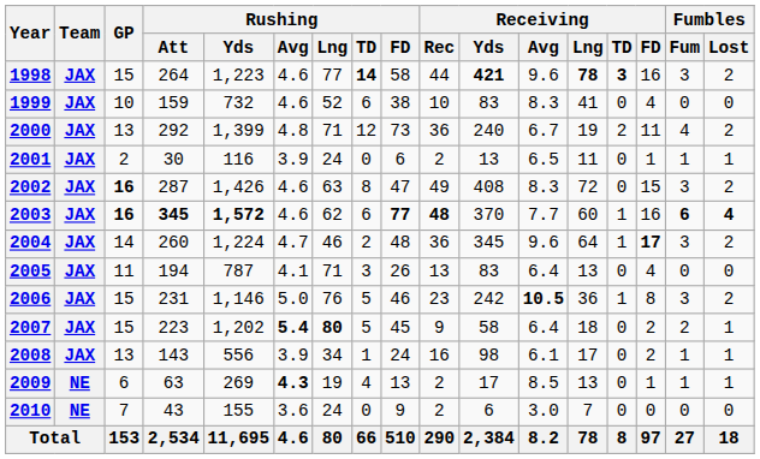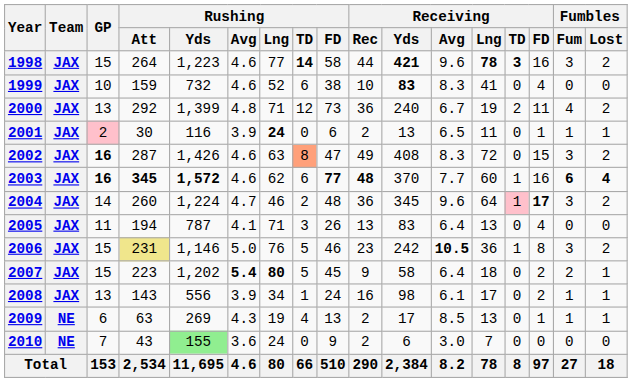 <table class=wikitable style="text-align:center;">
 <tr>
 <th rowspan="2">Year</th>
 <th rowspan="2">Team</th>
 <th rowspan="2">GP</th>
 <th colspan="6">Rushing</th>
 <th colspan="6">Receiving</th>
 <th colspan="6">Fumbles</th>
 </tr>
 <tr>
 <th>Att</th>
 <th>Yds</th>
 <th>Avg</th>
 <th>Lng</th>
 <th>TD</th>
 <th>FD</th>
 <th>Rec</th>
 <th>Yds</th>
 <th>Avg</th>
 <th>Lng</th>
 <th>TD</th>
 <th>FD</th>
 <th>Fum</th>
 <th>Lost</th>
 </tr>
 <tr>
 <th><a href='#'>1998</a></th>
 <th><a href='#'>JAX</a></th>
 <td>15</td>
 <td>264</td>
 <td>1,223</td>
 <td>4.6</td>
 <td>77</td>
 <td><strong>14</strong></td>
 <td>58</td>
 <td>44</td>
 <td><strong>421</strong></td>
 <td>9.6</td>
 <td><strong>78</strong></td>
 <td><strong>3</strong></td>
 <td>16</td>
 <td>3</td>
 <td>2</td>
 </tr>
 <tr>
 <th><a href='#'>1999</a></th>
 <th><a href='#'>JAX</a></th>
 <td>10</td>
 <td>159</td>
 <td>732</td>
 <td>4.6</td>
 <td>52</td>
 <td>6</td>
 <td>38</td>
 <td>10</td>
-<td>83</td>
+<td><strong>83</strong></td>
 <td>8.3</td>
 <td>41</td>
 <td>0</td>
 <td>4</td>
 <td>0</td>
 <td>0</td>
 </tr>
 <tr>
 <th><a href='#'>2000</a></th>
 <th><a href='#'>JAX</a></th>
 <td>13</td>
 <td>292</td>
 <td>1,399</td>
 <td>4.8</td>
 <td>71</td>
 <td>12</td>
 <td>73</td>
 <td>36</td>
 <td>240</td>
 <td>6.7</td>
 <td>19</td>
 <td>2</td>
 <td>11</td>
 <td>4</td>
 <td>2</td>
 </tr>
 <tr>
 <th><a href='#'>2001</a></th>
 <th><a href='#'>JAX</a></th>
-<td>2</td>
+<td style="background: pink;">2</td>
 <td>30</td>
 <td>116</td>
 <td>3.9</td>
-<td>24</td>
+<td><strong>24</strong></td>
 <td>0</td>
 <td>6</td>
 <td>2</td>
 <td>13</td>
 <td>6.5</td>
 <td>11</td>
 <td>0</td>
 <td>1</td>
 <td>1</td>
 <td>1</td>
 </tr>
 <tr>
 <th><a href='#'>2002</a></th>
 <th><a href='#'>JAX</a></th>
 <td><strong>16</strong></td>
 <td>287</td>
 <td>1,426</td>
 <td>4.6</td>
 <td>63</td>
-<td>8</td>
+<td style="background: lightsalmon;">8</td>
 <td>47</td>
 <td>49</td>
 <td>408</td>
 <td>8.3</td>
 <td>72</td>
 <td>0</td>
 <td>15</td>
 <td>3</td>
 <td>2</td>
 </tr>
 <tr>
 <th><a href='#'>2003</a></th>
 <th><a href='#'>JAX</a></th>
 <td><strong>16</strong></td>
 <td><strong>345</strong></td>
 <td><strong>1,572</strong></td>
 <td>4.6</td>
 <td>62</td>
 <td>6</td>
 <td><strong>77</strong></td>
 <td><strong>48</strong></td>
 <td>370</td>
 <td>7.7</td>
 <td>60</td>
 <td>1</td>
 <td>16</td>
 <td><strong>6</strong></td>
 <td><strong>4</strong></td>
 </tr>
 <tr>
 <th><a href='#'>2004</a></th>
 <th><a href='#'>JAX</a></th>
 <td>14</td>
 <td>260</td>
 <td>1,224</td>
 <td>4.7</td>
 <td>46</td>
 <td>2</td>
 <td>48</td>
 <td>36</td>
 <td>345</td>
 <td>9.6</td>
 <td>64</td>
-<td>1</td>
+<td style="background: pink;">1</td>
 <td><strong>17</strong></td>
 <td>3</td>
 <td>2</td>
 </tr>
 <tr>
 <th><a href='#'>2005</a></th>
 <th><a href='#'>JAX</a></th>
 <td>11</td>
 <td>194</td>
 <td>787</td>
 <td>4.1</td>
 <td>71</td>
 <td>3</td>
 <td>26</td>
 <td>13</td>
 <td>83</td>
 <td>6.4</td>
 <td>13</td>
 <td>0</td>
 <td>4</td>
 <td>0</td>
 <td>0</td>
 </tr>
 <tr>
 <th><a href='#'>2006</a></th>
 <th><a href='#'>JAX</a></th>
 <td>15</td>
-<td>231</td>
+<td style="background: khaki;">231</td>
 <td>1,146</td>
 <td>5.0</td>
 <td>76</td>
 <td>5</td>
 <td>46</td>
 <td>23</td>
 <td>242</td>
 <td><strong>10.5</strong></td>
 <td>36</td>
 <td>1</td>
 <td>8</td>
 <td>3</td>
 <td>2</td>
 </tr>
 <tr>
 <th><a href='#'>2007</a></th>
 <th><a href='#'>JAX</a></th>
 <td>15</td>
 <td>223</td>
 <td>1,202</td>
 <td><strong>5.4</strong></td>
 <td><strong>80</strong></td>
 <td>5</td>
 <td>45</td>
 <td>9</td>
 <td>58</td>
 <td>6.4</td>
 <td>18</td>
 <td>0</td>
 <td>2</td>
 <td>2</td>
 <td>1</td>
 </tr>
 <tr>
 <th><a href='#'>2008</a></th>
 <th><a href='#'>JAX</a></th>
 <td>13</td>
 <td>143</td>
 <td>556</td>
 <td>3.9</td>
 <td>34</td>
 <td>1</td>
 <td>24</td>
 <td>16</td>
 <td>98</td>
 <td>6.1</td>
 <td>17</td>
 <td>0</td>
 <td>2</td>
 <td>1</td>
 <td>1</td>
 </tr>
 <tr>
 <th><a href='#'>2009</a></th>
 <th><a href='#'>NE</a></th>
 <td>6</td>
 <td>63</td>
 <td>269</td>
-<td><strong>4.3</strong></td>
+<td>4.3</td>
 <td>19</td>
 <td>4</td>
 <td>13</td>
 <td>2</td>
 <td>17</td>
 <td>8.5</td>
 <td>13</td>
 <td>0</td>
 <td>1</td>
 <td>1</td>
 <td>1</td>
 </tr>
 <tr>
 <th><a href='#'>2010</a></th>
 <th><a href='#'>NE</a></th>
 <td>7</td>
 <td>43</td>
-<td>155</td>
+<td style="background: lightgreen;">155</td>
 <td>3.6</td>
 <td>24</td>
 <td>0</td>
 <td>9</td>
 <td>2</td>
 <td>6</td>
 <td>3.0</td>
 <td>7</td>
 <td>0</td>
 <td>0</td>
 <td>0</td>
 <td>0</td>
 </tr>
 <tr>
 <th colspan="2">Total</th>
 <th>153</th>
 <th>2,534</th>
 <th>11,695</th>
 <th>4.6</th>
 <th>80</th>
 <th>66</th>
 <th>510</th>
 <th>290</th>
 <th>2,384</th>
 <th>8.2</th>
 <th>78</th>
 <th>8</th>
 <th>97</th>
 <th>27</th>
 <th>18</th>
 </tr>
 </table>
